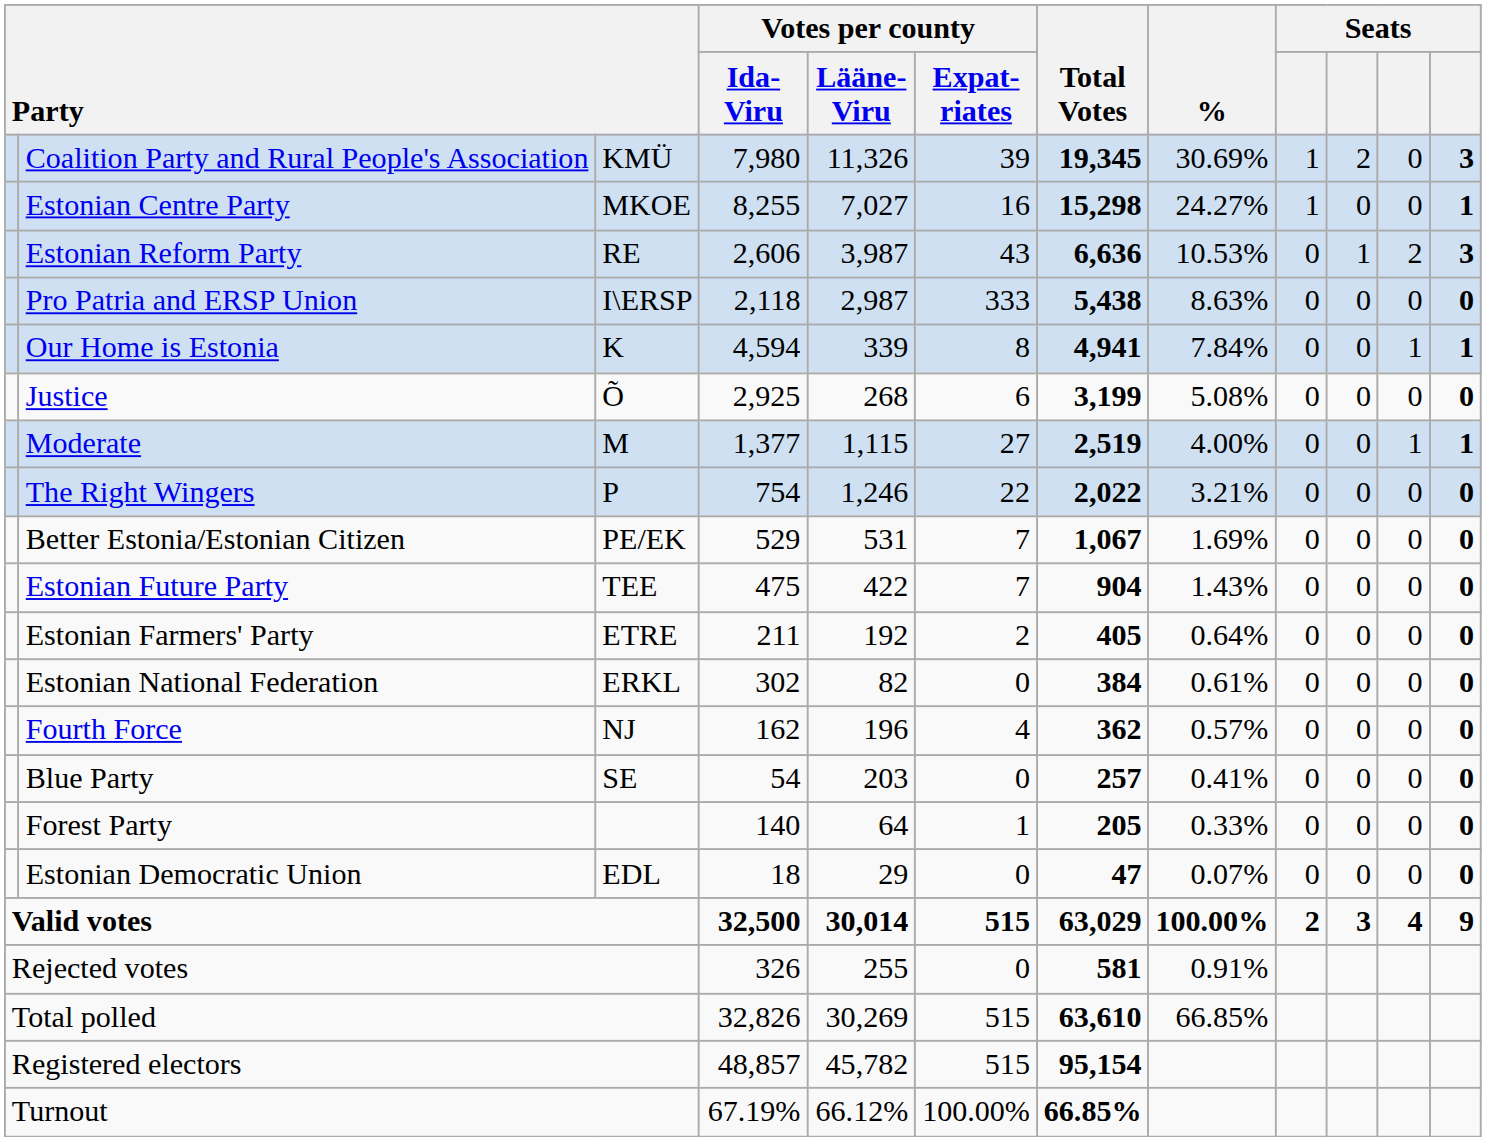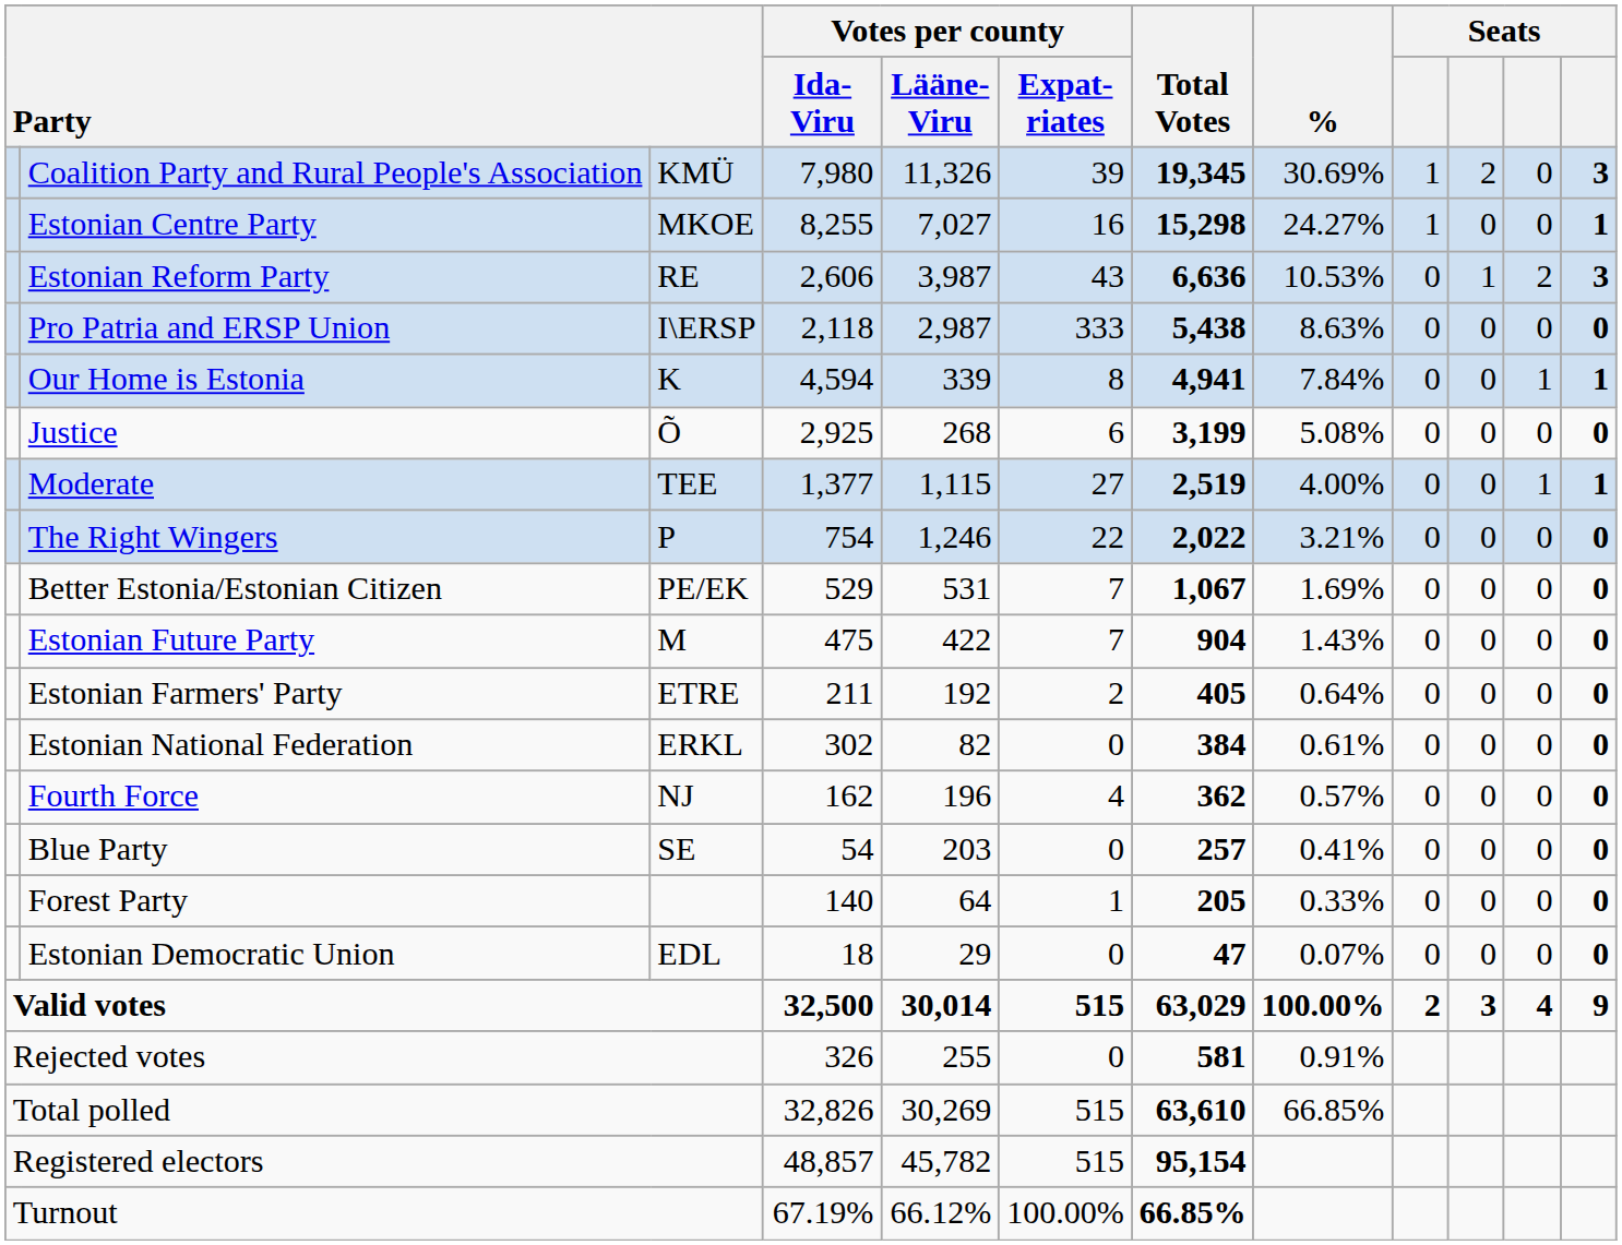 <table class="wikitable" border="1" style="text-align:right;">
 <tr>
 <th style="text-align:left;" valign=bottom rowspan=2 colspan=3>Party</th>
 <th colspan=3>Votes per county</th>
 <th align=center valign=bottom rowspan=2 width="50">Total Votes</th>
 <th align=center valign=bottom rowspan=2 width="50">%</th>
 <th colspan=4>Seats</th>
 </tr>
 <tr>
 <th align=center valign=bottom width="50"><a href='#'>Ida- Viru</a></th>
 <th align=center valign=bottom width="50"><a href='#'>Lääne- Viru</a></th>
 <th align=center valign=bottom width="50"><a href='#'>Expat- riates</a></th>
 <th align=center valign=bottom width="20"><small></small></th>
 <th align=center valign=bottom width="20"><small></small></th>
 <th align=center valign=bottom width="20"><small></small></th>
 <th align=center valign=bottom width="20"><small></small></th>
 </tr>
 <tr style="background:#CEE0F2;">
 <td style="background:"></td>
 <td align=left><a href='#'>Coalition Party and Rural People's Association</a></td>
 <td align=left>KMÜ</td>
 <td>7,980</td>
 <td>11,326</td>
 <td>39</td>
 <td><strong>19,345</strong></td>
 <td>30.69%</td>
 <td>1</td>
 <td>2</td>
 <td>0</td>
 <td><strong>3</strong></td>
 </tr>
 <tr style="background:#CEE0F2;">
 <td style="background:"></td>
 <td align=left><a href='#'>Estonian Centre Party</a></td>
 <td align=left>MKOE</td>
 <td>8,255</td>
 <td>7,027</td>
 <td>16</td>
 <td><strong>15,298</strong></td>
 <td>24.27%</td>
 <td>1</td>
 <td>0</td>
 <td>0</td>
 <td><strong>1</strong></td>
 </tr>
 <tr style="background:#CEE0F2;">
 <td style="background:"></td>
 <td align=left><a href='#'>Estonian Reform Party</a></td>
 <td align=left>RE</td>
 <td>2,606</td>
 <td>3,987</td>
 <td>43</td>
 <td><strong>6,636</strong></td>
 <td>10.53%</td>
 <td>0</td>
 <td>1</td>
 <td>2</td>
 <td><strong>3</strong></td>
 </tr>
 <tr style="background:#CEE0F2;">
 <td style="background:"></td>
 <td align=left><a href='#'>Pro Patria and ERSP Union</a></td>
 <td align=left>I\ERSP</td>
 <td>2,118</td>
 <td>2,987</td>
 <td>333</td>
 <td><strong>5,438</strong></td>
 <td>8.63%</td>
 <td>0</td>
 <td>0</td>
 <td>0</td>
 <td><strong>0</strong></td>
 </tr>
 <tr style="background:#CEE0F2;">
 <td style="background:"></td>
 <td align=left><a href='#'>Our Home is Estonia</a></td>
 <td align=left>K</td>
 <td>4,594</td>
 <td>339</td>
 <td>8</td>
 <td><strong>4,941</strong></td>
 <td>7.84%</td>
 <td>0</td>
 <td>0</td>
 <td>1</td>
 <td><strong>1</strong></td>
 </tr>
 <tr>
 <td style="background:"></td>
 <td align=left><a href='#'>Justice</a></td>
 <td align=left>Õ</td>
 <td>2,925</td>
 <td>268</td>
 <td>6</td>
 <td><strong>3,199</strong></td>
 <td>5.08%</td>
 <td>0</td>
 <td>0</td>
 <td>0</td>
 <td><strong>0</strong></td>
 </tr>
 <tr style="background:#CEE0F2;">
 <td style="background:"></td>
 <td align=left><a href='#'>Moderate</a></td>
-<td align=left>M</td>
+<td align=left>TEE</td>
 <td>1,377</td>
 <td>1,115</td>
 <td>27</td>
 <td><strong>2,519</strong></td>
 <td>4.00%</td>
 <td>0</td>
 <td>0</td>
 <td>1</td>
 <td><strong>1</strong></td>
 </tr>
 <tr style="background:#CEE0F2;">
 <td></td>
 <td align=left><a href='#'>The Right Wingers</a></td>
 <td align=left>P</td>
 <td>754</td>
 <td>1,246</td>
 <td>22</td>
 <td><strong>2,022</strong></td>
 <td>3.21%</td>
 <td>0</td>
 <td>0</td>
 <td>0</td>
 <td><strong>0</strong></td>
 </tr>
 <tr>
 <td></td>
 <td align=left>Better Estonia/Estonian Citizen</td>
 <td align=left>PE/EK</td>
 <td>529</td>
 <td>531</td>
 <td>7</td>
 <td><strong>1,067</strong></td>
 <td>1.69%</td>
 <td>0</td>
 <td>0</td>
 <td>0</td>
 <td><strong>0</strong></td>
 </tr>
 <tr>
 <td style="background:"></td>
 <td align=left><a href='#'>Estonian Future Party</a></td>
-<td align=left>TEE</td>
+<td align=left>M</td>
 <td>475</td>
 <td>422</td>
 <td>7</td>
 <td><strong>904</strong></td>
 <td>1.43%</td>
 <td>0</td>
 <td>0</td>
 <td>0</td>
 <td><strong>0</strong></td>
 </tr>
 <tr>
 <td></td>
 <td align=left>Estonian Farmers' Party</td>
 <td align=left>ETRE</td>
 <td>211</td>
 <td>192</td>
 <td>2</td>
 <td><strong>405</strong></td>
 <td>0.64%</td>
 <td>0</td>
 <td>0</td>
 <td>0</td>
 <td><strong>0</strong></td>
 </tr>
 <tr>
 <td></td>
 <td align=left>Estonian National Federation</td>
 <td align=left>ERKL</td>
 <td>302</td>
 <td>82</td>
 <td>0</td>
 <td><strong>384</strong></td>
 <td>0.61%</td>
 <td>0</td>
 <td>0</td>
 <td>0</td>
 <td><strong>0</strong></td>
 </tr>
 <tr>
 <td style="background:"></td>
 <td align=left><a href='#'>Fourth Force</a></td>
 <td align=left>NJ</td>
 <td>162</td>
 <td>196</td>
 <td>4</td>
 <td><strong>362</strong></td>
 <td>0.57%</td>
 <td>0</td>
 <td>0</td>
 <td>0</td>
 <td><strong>0</strong></td>
 </tr>
 <tr>
 <td></td>
 <td align=left>Blue Party</td>
 <td align=left>SE</td>
 <td>54</td>
 <td>203</td>
 <td>0</td>
 <td><strong>257</strong></td>
 <td>0.41%</td>
 <td>0</td>
 <td>0</td>
 <td>0</td>
 <td><strong>0</strong></td>
 </tr>
 <tr>
 <td></td>
 <td align=left>Forest Party</td>
 <td></td>
 <td>140</td>
 <td>64</td>
 <td>1</td>
 <td><strong>205</strong></td>
 <td>0.33%</td>
 <td>0</td>
 <td>0</td>
 <td>0</td>
 <td><strong>0</strong></td>
 </tr>
 <tr>
 <td></td>
 <td align=left>Estonian Democratic Union</td>
 <td align=left>EDL</td>
 <td>18</td>
 <td>29</td>
 <td>0</td>
 <td><strong>47</strong></td>
 <td>0.07%</td>
 <td>0</td>
 <td>0</td>
 <td>0</td>
 <td><strong>0</strong></td>
 </tr>
 <tr style="font-weight:bold">
 <td align=left colspan=3>Valid votes</td>
 <td>32,500</td>
 <td>30,014</td>
 <td>515</td>
 <td>63,029</td>
 <td>100.00%</td>
 <td>2</td>
 <td>3</td>
 <td>4</td>
 <td>9</td>
 </tr>
 <tr>
 <td align=left colspan=3>Rejected votes</td>
 <td>326</td>
 <td>255</td>
 <td>0</td>
 <td><strong>581</strong></td>
 <td>0.91%</td>
 <td></td>
 <td></td>
 <td></td>
 <td></td>
 </tr>
 <tr>
 <td align=left colspan=3>Total polled</td>
 <td>32,826</td>
 <td>30,269</td>
 <td>515</td>
 <td><strong>63,610</strong></td>
 <td>66.85%</td>
 <td></td>
 <td></td>
 <td></td>
 <td></td>
 </tr>
 <tr>
 <td align=left colspan=3>Registered electors</td>
 <td>48,857</td>
 <td>45,782</td>
 <td>515</td>
 <td><strong>95,154</strong></td>
 <td></td>
 <td></td>
 <td></td>
 <td></td>
 <td></td>
 </tr>
 <tr>
 <td align=left colspan=3>Turnout</td>
 <td>67.19%</td>
 <td>66.12%</td>
 <td>100.00%</td>
 <td><strong>66.85%</strong></td>
 <td></td>
 <td></td>
 <td></td>
 <td></td>
 <td></td>
 </tr>
 </table>
